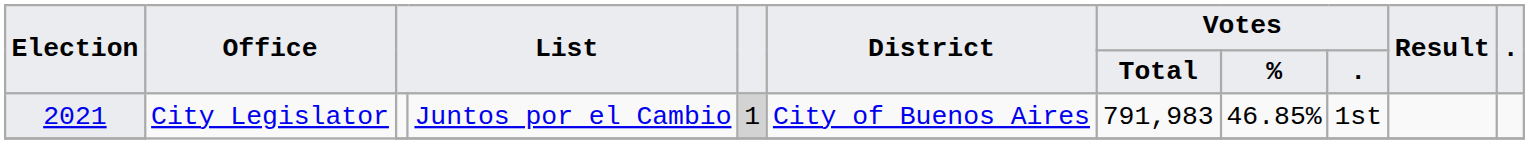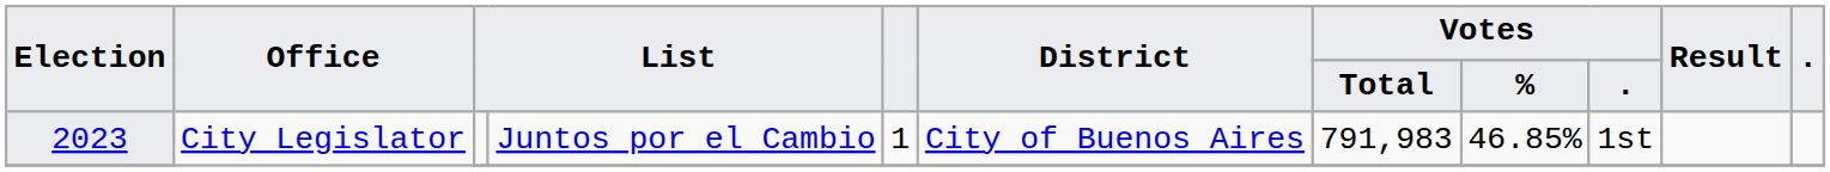 <table class="wikitable" style="font-size:90%; text-align:center;">
 <tr>
 <th style="background-color:#EAECF0;" rowspan=2>Election</th>
 <th style="background-color:#EAECF0;" rowspan=2>Office</th>
 <th style="background-color:#EAECF0;" colspan=2 rowspan=2>List</th>
 <th style="background-color:#EAECF0;" rowspan=2></th>
 <th style="background-color:#EAECF0;" rowspan=2>District</th>
 <th style="background-color:#EAECF0;" colspan=3>Votes</th>
 <th style="background-color:#EAECF0;" rowspan=2>Result</th>
 <th style="background-color:#EAECF0;" rowspan=2>.</th>
 </tr>
 <tr>
 <th style="background-color:#EAECF0;">Total</th>
 <th style="background-color:#EAECF0;">%</th>
 <th style="background-color:#EAECF0;">.</th>
 </tr>
 <tr>
-<td style="background-color:#EAECF0;"><a href='#'>2021</a></td>
+<td style="background-color:#EAECF0;"><a href='#'>2023</a></td>
 <td rowspan="2"><a href='#'>City Legislator</a></td>
 <td style="background-color:"></td>
 <td><a href='#'>Juntos por el Cambio</a></td>
-<td style="background: lightgrey;">1</td>
+<td>1</td>
 <td><a href='#'>City of Buenos Aires</a></td>
 <td>791,983</td>
 <td>46.85%</td>
 <td>1st</td>
 <td></td>
 <td></td>
 </tr>
 <tr>
 </tr>
 </table>
